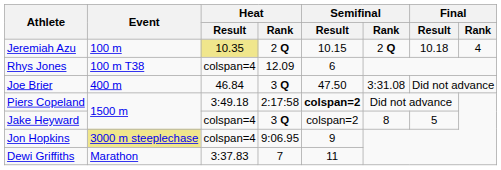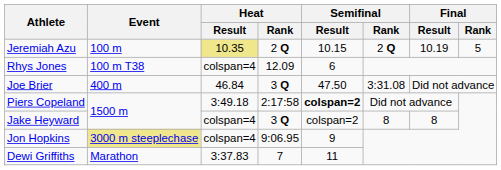 <table class="wikitable" style="font-size:90%; text-align:center">
 <tr>
 <th rowspan=2>Athlete</th>
 <th rowspan=2>Event</th>
 <th colspan=2>Heat</th>
 <th colspan=2>Semifinal</th>
 <th colspan=2>Final</th>
 </tr>
 <tr style="font-size:95%">
 <th>Result</th>
 <th>Rank</th>
 <th>Result</th>
 <th>Rank</th>
 <th>Result</th>
 <th>Rank</th>
 </tr>
 <tr>
 <td align=left><a href='#'>Jeremiah Azu</a></td>
 <td align=left><a href='#'>100 m</a></td>
 <td style="background: khaki;">10.35</td>
 <td>2 <strong>Q</strong></td>
 <td>10.15</td>
 <td>2 <strong>Q</strong></td>
-<td>10.18</td>
-<td>4</td>
+<td>10.19</td>
+<td>5</td>
 </tr>
 <tr>
 <td align=left><a href='#'>Rhys Jones</a></td>
 <td align=left><a href='#'>100 m T38</a></td>
 <td>colspan=4 </td>
 <td>12.09</td>
 <td>6</td>
 </tr>
 <tr>
 <td align=left><a href='#'>Joe Brier</a></td>
 <td align=left><a href='#'>400 m</a></td>
 <td>46.84</td>
 <td>3 <strong>Q</strong></td>
 <td>47.50</td>
 <td>3:31.08</td>
 <td colspan=2>Did not advance</td>
 </tr>
 <tr>
 <td align=left><a href='#'>Piers Copeland</a></td>
 <td align=left rowspan=2><a href='#'>1500 m</a></td>
 <td>3:49.18</td>
 <td>2:17:58</td>
 <td><strong>colspan=2 </strong></td>
 <td colspan=2>Did not advance</td>
 </tr>
 <tr>
 <td align=left><a href='#'>Jake Heyward</a></td>
 <td>colspan=4 </td>
 <td>3 <strong>Q</strong></td>
 <td>colspan=2 </td>
 <td>8</td>
-<td>5</td>
+<td>8</td>
 </tr>
 <tr>
 <td align=left><a href='#'>Jon Hopkins</a></td>
 <td align=left style="background: khaki;"><a href='#'>3000 m steeplechase</a></td>
 <td>colspan=4 </td>
 <td>9:06.95</td>
 <td>9</td>
 </tr>
 <tr>
 <td align=left><a href='#'>Dewi Griffiths</a></td>
 <td align=left><a href='#'>Marathon</a></td>
 <td>3:37.83</td>
 <td>7</td>
 <td>11</td>
 </tr>
 </table>
